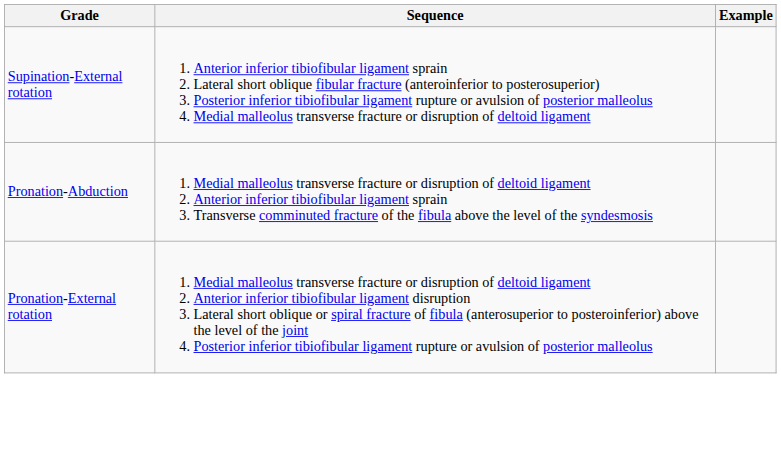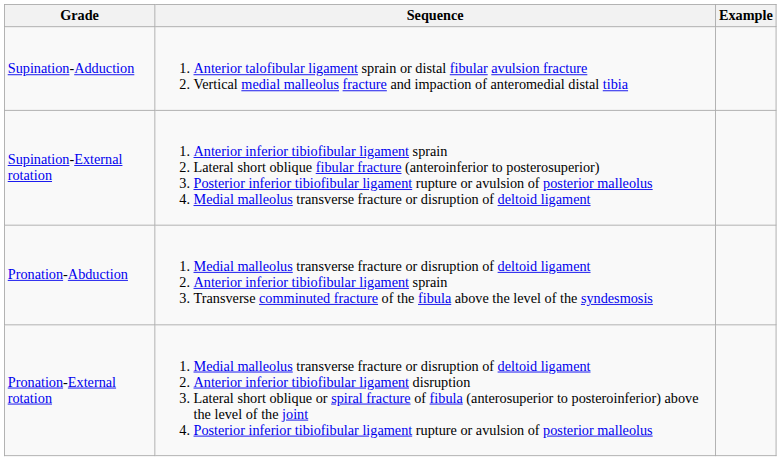 <table class="wikitable">
 <tr>
 <th>Grade</th>
 <th>Sequence</th>
 <th>Example</th>
+</tr>
+<tr>
+<td><a href='#'>Supination</a>-<a href='#'>Adduction</a></td>
+<td><br><ol><li><a href='#'>Anterior talofibular ligament</a> sprain or distal <a href='#'>fibular</a> <a href='#'>avulsion fracture</a></li><li>Vertical <a href='#'>medial malleolus</a> <a href='#'>fracture</a> and impaction of anteromedial distal <a href='#'>tibia</a></li></ol></td>
+<td></td>
 </tr>
 <tr>
 <td><a href='#'>Supination</a>-<a href='#'>External rotation</a></td>
 <td><br><ol><li><a href='#'>Anterior inferior tibiofibular ligament</a> sprain</li><li>Lateral short oblique <a href='#'>fibular fracture</a> (anteroinferior to posterosuperior)</li><li><a href='#'>Posterior inferior tibiofibular ligament</a> rupture or avulsion of <a href='#'>posterior malleolus</a></li><li><a href='#'>Medial malleolus</a> transverse fracture or disruption of <a href='#'>deltoid ligament</a></li></ol></td>
 <td></td>
 </tr>
 <tr>
 <td><a href='#'>Pronation</a>-<a href='#'>Abduction</a></td>
 <td><br><ol><li><a href='#'>Medial malleolus</a> transverse fracture or disruption of <a href='#'>deltoid ligament</a></li><li><a href='#'>Anterior inferior tibiofibular ligament</a> sprain</li><li>Transverse <a href='#'>comminuted fracture</a> of the <a href='#'>fibula</a> above the level of the <a href='#'>syndesmosis</a></li></ol></td>
 <td></td>
 </tr>
 <tr>
 <td><a href='#'>Pronation</a>-<a href='#'>External rotation</a></td>
 <td><br><ol><li><a href='#'>Medial malleolus</a> transverse fracture or disruption of <a href='#'>deltoid ligament</a></li><li><a href='#'>Anterior inferior tibiofibular ligament</a> disruption</li><li>Lateral short oblique or <a href='#'>spiral fracture</a> of <a href='#'>fibula</a> (anterosuperior to posteroinferior) above the level of the <a href='#'>joint</a></li><li><a href='#'>Posterior inferior tibiofibular ligament</a> rupture or avulsion of <a href='#'>posterior malleolus</a></li></ol></td>
 <td></td>
 </tr>
 </table>
